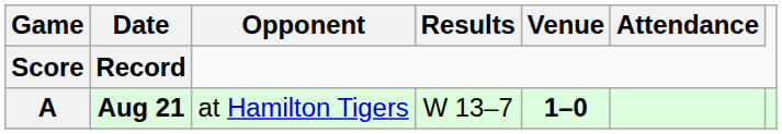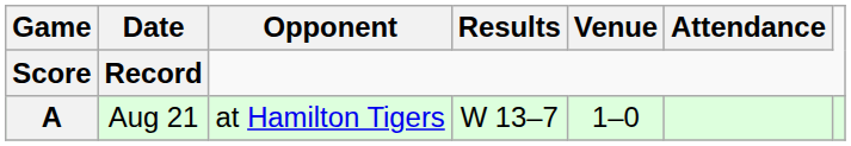 <table class="wikitable" style="text-align:center">
 <tr>
 <th>Game</th>
 <th>Date</th>
 <th>Opponent</th>
 <th>Results</th>
 <th>Venue</th>
 <th>Attendance</th>
 </tr>
 <tr>
 <th>Score</th>
 <th>Record</th>
 </tr>
 <tr style="background:#ddffdd">
 <th>A</th>
-<td><strong>Aug 21</strong></td>
+<td>Aug 21</td>
 <td>at <a href='#'>Hamilton Tigers</a></td>
 <td>W 13–7</td>
-<td><strong>1–0</strong></td>
+<td>1–0</td>
 <td></td>
 <td></td>
 </tr>
 </table>
